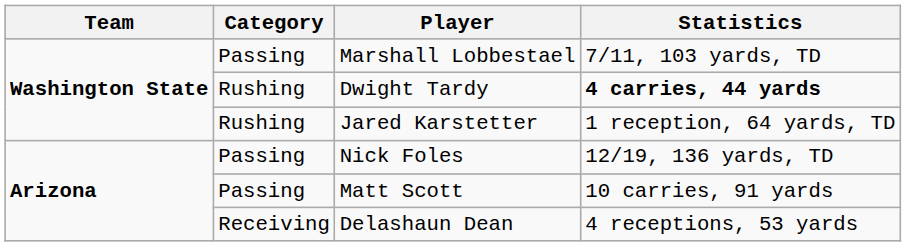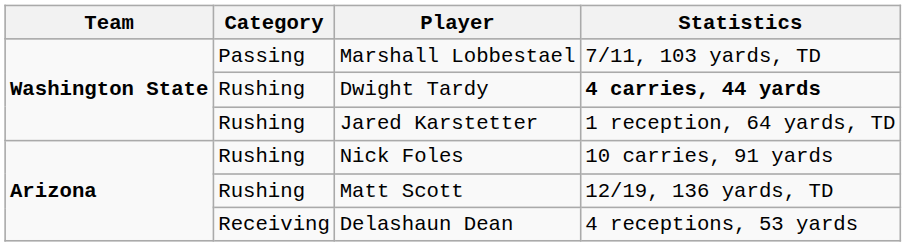 <table class="wikitable" style="float: right;">
 <tr>
 <th>Team</th>
 <th>Category</th>
 <th>Player</th>
 <th>Statistics</th>
 </tr>
 <tr>
 <td rowspan=3><strong>Washington State</strong></td>
 <td>Passing</td>
 <td>Marshall Lobbestael</td>
 <td>7/11, 103 yards, TD</td>
 </tr>
 <tr>
 <td>Rushing</td>
 <td>Dwight Tardy</td>
 <td><strong>4 carries, 44 yards</strong></td>
 </tr>
 <tr>
 <td>Rushing</td>
 <td>Jared Karstetter</td>
 <td>1 reception, 64 yards, TD</td>
 </tr>
 <tr>
 <td rowspan=3><strong>Arizona</strong></td>
-<td>Passing</td>
+<td>Rushing</td>
 <td>Nick Foles</td>
-<td>12/19, 136 yards, TD</td>
+<td>10 carries, 91 yards</td>
 </tr>
 <tr>
-<td>Passing</td>
+<td>Rushing</td>
 <td>Matt Scott</td>
-<td>10 carries, 91 yards</td>
+<td>12/19, 136 yards, TD</td>
 </tr>
 <tr>
 <td>Receiving</td>
 <td>Delashaun Dean</td>
 <td>4 receptions, 53 yards</td>
 </tr>
 </table>
